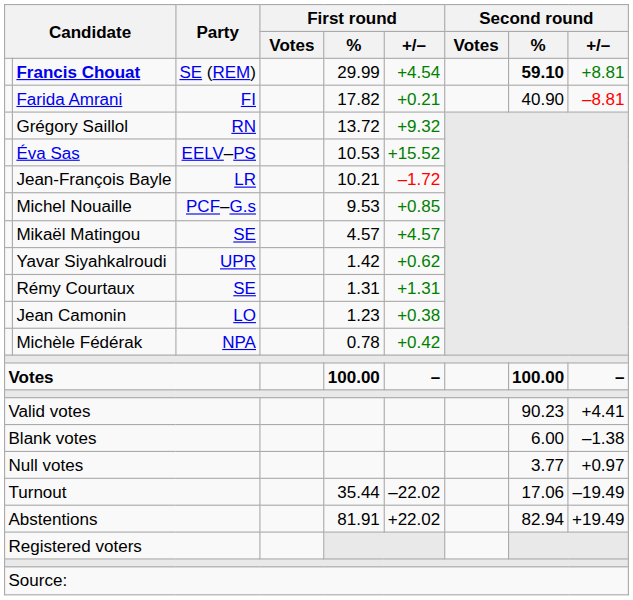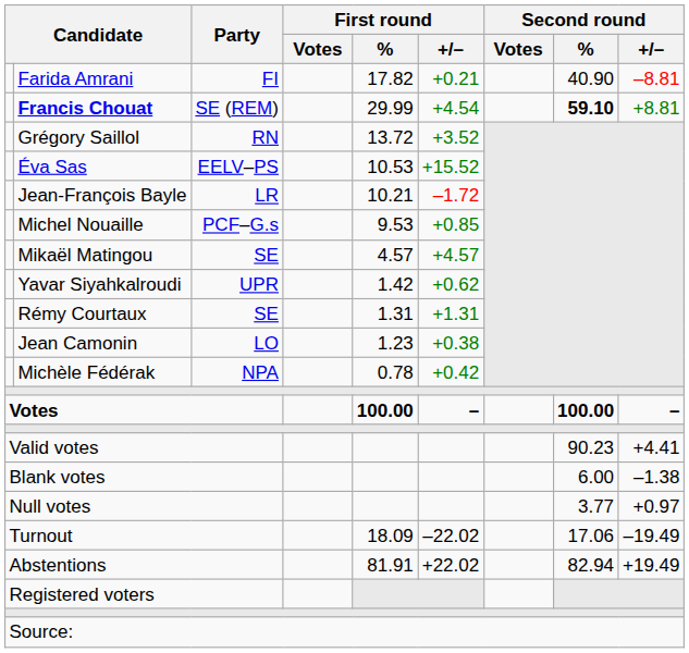 <table class="wikitable" style="text-align:right;font-size:95%;">
 <tr>
 <th rowspan="2" colspan="2">Candidate</th>
 <th rowspan="2">Party</th>
 <th colspan="3">First round</th>
 <th colspan="3">Second round</th>
 </tr>
 <tr>
 <th style="width:50px;">Votes</th>
 <th style="width:45px;">%</th>
 <th style="width:45px;">+/–</th>
 <th style="width:50px;">Votes</th>
 <th style="width:45px;">%</th>
 <th style="width:45px;">+/–</th>
 </tr>
 <tr>
 <td style="color:inherit;background:"></td>
+<td style="text-align:left;"><a href='#'>Farida Amrani</a></td>
+<td><a href='#'>FI</a></td>
+<td></td>
+<td>17.82</td>
+<td style="color:green;">+0.21</td>
+<td></td>
+<td>40.90</td>
+<td style="color:red;">–8.81</td>
+</tr>
+<tr>
+<td style="color:inherit;background:"></td>
 <td style="text-align:left;"><strong><a href='#'>Francis Chouat</a></strong></td>
 <td><a href='#'>SE</a> (<a href='#'>REM</a>)</td>
 <td></td>
 <td>29.99</td>
 <td style="color:green;">+4.54</td>
 <td><strong></strong></td>
 <td><strong>59.10</strong></td>
 <td style="color:green;">+8.81</td>
 </tr>
 <tr>
 <td style="color:inherit;background:"></td>
-<td style="text-align:left;"><a href='#'>Farida Amrani</a></td>
-<td><a href='#'>FI</a></td>
-<td></td>
-<td>17.82</td>
-<td style="color:green;">+0.21</td>
-<td></td>
-<td>40.90</td>
-<td style="color:red;">–8.81</td>
-</tr>
-<tr>
-<td style="color:inherit;background:"></td>
 <td style="text-align:left;">Grégory Saillol</td>
 <td><a href='#'>RN</a></td>
 <td></td>
 <td>13.72</td>
-<td style="color:green;">+9.32</td>
+<td style="color:green;">+3.52</td>
 <td colspan="3" rowspan="9" style="background:#E9E9E9;"></td>
 </tr>
 <tr>
 <td style="color:inherit;background:"></td>
 <td style="text-align:left;"><a href='#'>Éva Sas</a></td>
 <td><a href='#'>EELV</a>–<a href='#'>PS</a></td>
 <td></td>
 <td>10.53</td>
 <td style="color:green;">+15.52</td>
 </tr>
 <tr>
 <td style="color:inherit;background:"></td>
 <td style="text-align:left;">Jean-François Bayle</td>
 <td><a href='#'>LR</a></td>
 <td></td>
 <td>10.21</td>
 <td style="color:red;">–1.72</td>
 </tr>
 <tr>
 <td style="color:inherit;background:"></td>
 <td style="text-align:left;">Michel Nouaille</td>
 <td><a href='#'>PCF</a>–<a href='#'>G.s</a></td>
 <td></td>
 <td>9.53</td>
 <td style="color:green;">+0.85</td>
 </tr>
 <tr>
 <td style="color:inherit;background:"></td>
 <td style="text-align:left;">Mikaël Matingou</td>
 <td><a href='#'>SE</a></td>
 <td></td>
 <td>4.57</td>
 <td style="color:green;">+4.57</td>
 </tr>
 <tr>
 <td style="color:inherit;background:"></td>
 <td style="text-align:left;">Yavar Siyahkalroudi</td>
 <td><a href='#'>UPR</a></td>
 <td></td>
 <td>1.42</td>
 <td style="color:green;">+0.62</td>
 </tr>
 <tr>
 <td style="color:inherit;background:"></td>
 <td style="text-align:left;">Rémy Courtaux</td>
 <td><a href='#'>SE</a></td>
 <td></td>
 <td>1.31</td>
 <td style="color:green;">+1.31</td>
 </tr>
 <tr>
 <td style="color:inherit;background:"></td>
 <td style="text-align:left;">Jean Camonin</td>
 <td><a href='#'>LO</a></td>
 <td></td>
 <td>1.23</td>
 <td style="color:green;">+0.38</td>
 </tr>
 <tr>
 <td style="color:inherit;background:"></td>
 <td style="text-align:left;">Michèle Fédérak</td>
 <td><a href='#'>NPA</a></td>
 <td></td>
 <td>0.78</td>
 <td style="color:green;">+0.42</td>
 </tr>
 <tr>
 <td colspan="9" style="background:#E9E9E9;"></td>
 </tr>
 <tr style="font-weight:bold;">
 <td colspan="3" style="text-align:left;">Votes</td>
 <td></td>
 <td>100.00</td>
 <td>–</td>
 <td></td>
 <td>100.00</td>
 <td>–</td>
 </tr>
 <tr>
 <td colspan="9" style="background:#E9E9E9;"></td>
 </tr>
 <tr>
 <td colspan="3" style="text-align:left;">Valid votes</td>
 <td></td>
 <td></td>
 <td></td>
 <td></td>
 <td>90.23</td>
 <td>+4.41</td>
 </tr>
 <tr>
 <td colspan="3" style="text-align:left;">Blank votes</td>
 <td></td>
 <td></td>
 <td></td>
 <td></td>
 <td>6.00</td>
 <td>–1.38</td>
 </tr>
 <tr>
 <td colspan="3" style="text-align:left;">Null votes</td>
 <td></td>
 <td></td>
 <td></td>
 <td></td>
 <td>3.77</td>
 <td>+0.97</td>
 </tr>
 <tr>
 <td colspan="3" style="text-align:left;">Turnout</td>
 <td></td>
-<td>35.44</td>
+<td>18.09</td>
 <td>–22.02</td>
 <td></td>
 <td>17.06</td>
 <td>–19.49</td>
 </tr>
 <tr>
 <td colspan="3" style="text-align:left;">Abstentions</td>
 <td></td>
 <td>81.91</td>
 <td>+22.02</td>
 <td></td>
 <td>82.94</td>
 <td>+19.49</td>
 </tr>
 <tr>
 <td colspan="3" style="text-align:left;">Registered voters</td>
 <td></td>
 <td colspan="2" style="background:#E9E9E9;"></td>
 <td></td>
 <td colspan="2" style="background:#E9E9E9;"></td>
 </tr>
 <tr>
 <td colspan="9" style="background:#E9E9E9;"></td>
 </tr>
 <tr>
 <td colspan="9" style="text-align:left;">Source: </td>
 </tr>
 </table>
